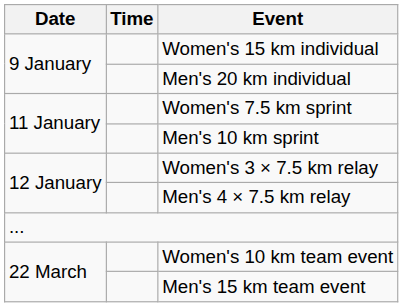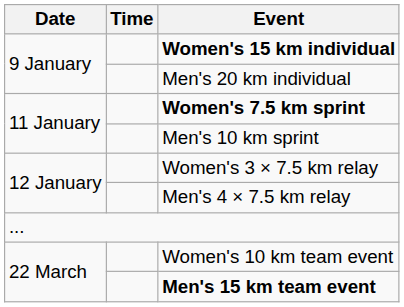 <table class="wikitable">
 <tr>
 <th>Date</th>
 <th>Time</th>
 <th>Event</th>
 </tr>
 <tr>
 <td rowspan=2>9 January</td>
 <td></td>
-<td>Women's 15 km individual</td>
+<td><strong>Women's 15 km individual</strong></td>
 </tr>
 <tr>
 <td></td>
 <td>Men's 20 km individual</td>
 </tr>
 <tr>
 <td rowspan=2>11 January</td>
 <td></td>
-<td>Women's 7.5 km sprint</td>
+<td><strong>Women's 7.5 km sprint</strong></td>
 </tr>
 <tr>
 <td></td>
 <td>Men's 10 km sprint</td>
 </tr>
 <tr>
 <td rowspan=2>12 January</td>
 <td></td>
 <td>Women's 3 × 7.5 km relay</td>
 </tr>
 <tr>
 <td></td>
 <td>Men's 4 × 7.5 km relay</td>
 </tr>
 <tr>
 <td colspan=3>...</td>
 </tr>
 <tr>
 <td rowspan=2>22 March</td>
 <td></td>
 <td>Women's 10 km team event</td>
 </tr>
 <tr>
 <td></td>
-<td>Men's 15 km team event</td>
+<td><strong>Men's 15 km team event</strong></td>
 </tr>
 </table>
